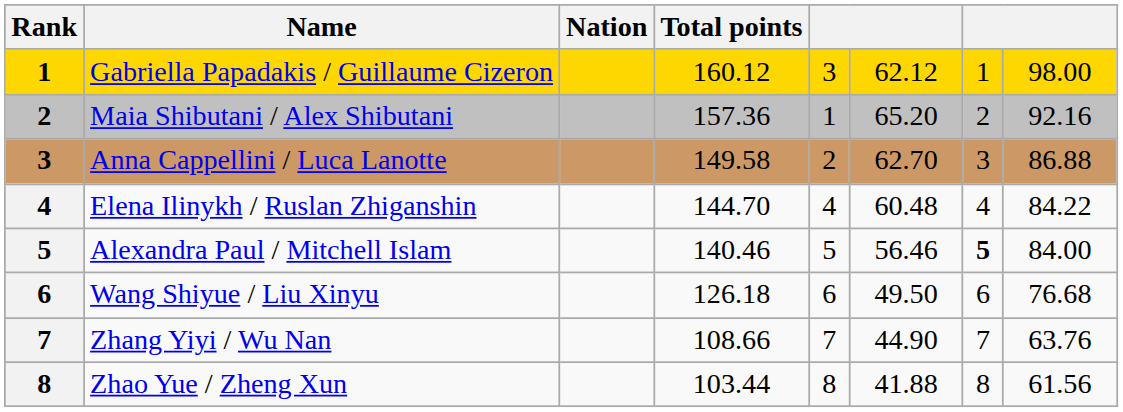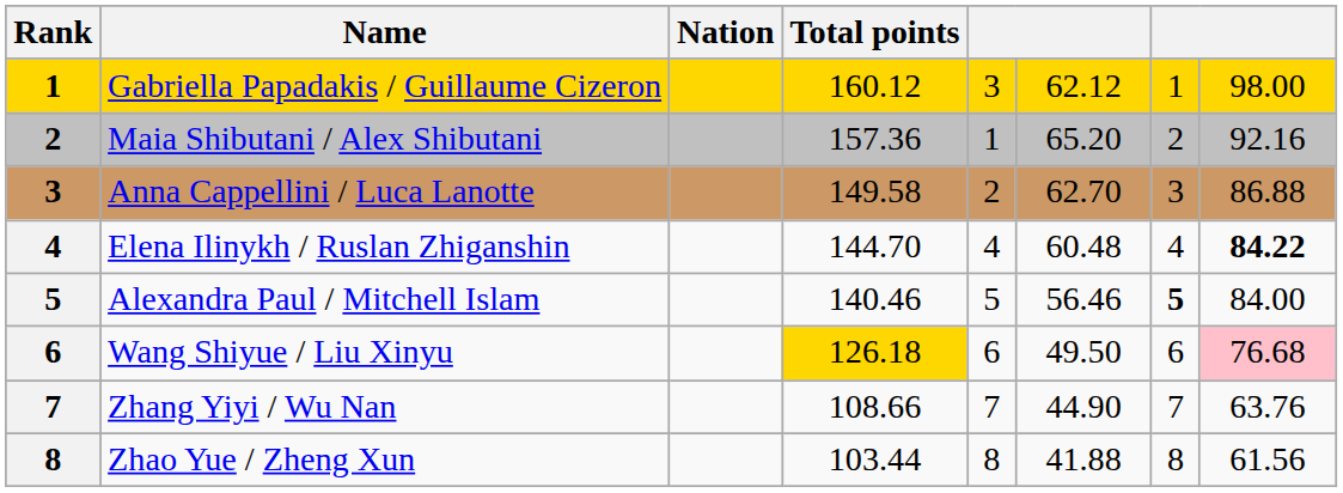 <table class="wikitable sortable">
 <tr>
 <th>Rank</th>
 <th>Name</th>
 <th>Nation</th>
 <th>Total points</th>
 <th colspan="2" width="80px"></th>
 <th colspan="2" width="80px"></th>
 </tr>
 <tr bgcolor="gold">
 <td align="center"><strong>1</strong></td>
 <td><a href='#'>Gabriella Papadakis</a> / <a href='#'>Guillaume Cizeron</a></td>
 <td></td>
 <td align="center">160.12</td>
 <td align="center">3</td>
 <td align="center">62.12</td>
 <td align="center">1</td>
 <td align="center">98.00</td>
 </tr>
 <tr bgcolor="silver">
 <td align="center"><strong>2</strong></td>
 <td><a href='#'>Maia Shibutani</a> / <a href='#'>Alex Shibutani</a></td>
 <td></td>
 <td align="center">157.36</td>
 <td align="center">1</td>
 <td align="center">65.20</td>
 <td align="center">2</td>
 <td align="center">92.16</td>
 </tr>
 <tr bgcolor="cc9966">
 <td align="center"><strong>3</strong></td>
 <td><a href='#'>Anna Cappellini</a> / <a href='#'>Luca Lanotte</a></td>
 <td></td>
 <td align="center">149.58</td>
 <td align="center">2</td>
 <td align="center">62.70</td>
 <td align="center">3</td>
 <td align="center">86.88</td>
 </tr>
 <tr>
 <th>4</th>
 <td><a href='#'>Elena Ilinykh</a> / <a href='#'>Ruslan Zhiganshin</a></td>
 <td></td>
 <td align="center">144.70</td>
 <td align="center">4</td>
 <td align="center">60.48</td>
 <td align="center">4</td>
-<td align="center">84.22</td>
+<td align="center"><strong>84.22</strong></td>
 </tr>
 <tr>
 <th>5</th>
 <td><a href='#'>Alexandra Paul</a> / <a href='#'>Mitchell Islam</a></td>
 <td></td>
 <td align="center">140.46</td>
 <td align="center">5</td>
 <td align="center">56.46</td>
 <td align="center"><strong>5</strong></td>
 <td align="center">84.00</td>
 </tr>
 <tr>
 <th>6</th>
 <td><a href='#'>Wang Shiyue</a> / <a href='#'>Liu Xinyu</a></td>
 <td></td>
-<td align="center">126.18</td>
+<td align="center" style="background: gold;">126.18</td>
 <td align="center">6</td>
 <td align="center">49.50</td>
 <td align="center">6</td>
-<td align="center">76.68</td>
+<td align="center" style="background: pink;">76.68</td>
 </tr>
 <tr>
 <th>7</th>
 <td><a href='#'>Zhang Yiyi</a> / <a href='#'>Wu Nan</a></td>
 <td></td>
 <td align="center">108.66</td>
 <td align="center">7</td>
 <td align="center">44.90</td>
 <td align="center">7</td>
 <td align="center">63.76</td>
 </tr>
 <tr>
 <th>8</th>
 <td><a href='#'>Zhao Yue</a> / <a href='#'>Zheng Xun</a></td>
 <td></td>
 <td align="center">103.44</td>
 <td align="center">8</td>
 <td align="center">41.88</td>
 <td align="center">8</td>
 <td align="center">61.56</td>
 </tr>
 </table>
